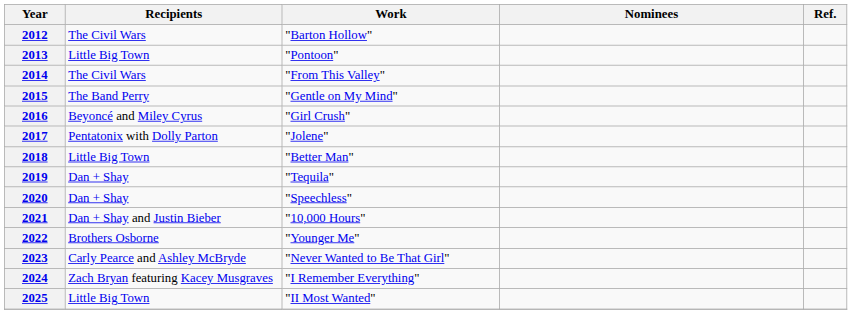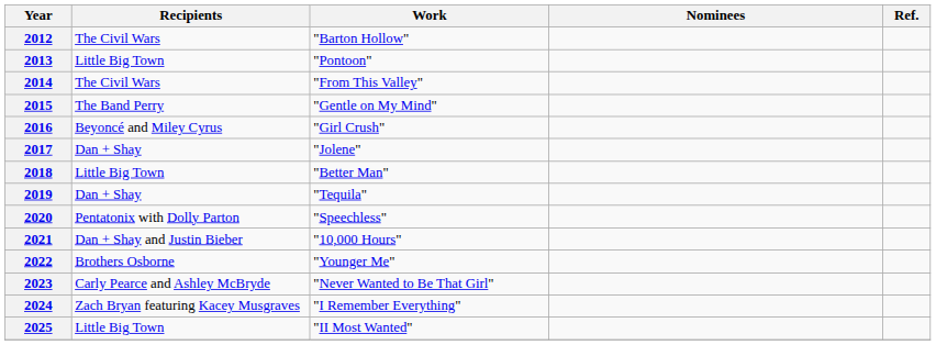 <table class="wikitable">
 <tr>
 <th width="7%">Year</th>
 <th width="25%">Recipients</th>
 <th width="25%">Work</th>
 <th width="35%" class=unsortable>Nominees</th>
 <th width="5%" class=unsortable>Ref.</th>
 </tr>
 <tr>
 <th scope="row"><a href='#'>2012</a></th>
 <td><a href='#'>The Civil Wars</a></td>
 <td>"<a href='#'>Barton Hollow</a>"</td>
 <td></td>
 <td style="text-align:center;"></td>
 </tr>
 <tr>
 <th scope="row"><a href='#'>2013</a></th>
 <td><a href='#'>Little Big Town</a></td>
 <td>"<a href='#'>Pontoon</a>"</td>
 <td></td>
 <td style="text-align:center;"></td>
 </tr>
 <tr>
 <th scope="row"><a href='#'>2014</a></th>
 <td><a href='#'>The Civil Wars</a></td>
 <td>"<a href='#'>From This Valley</a>"</td>
 <td></td>
 <td style="text-align:center;"></td>
 </tr>
 <tr>
 <th scope="row"><a href='#'>2015</a></th>
 <td><a href='#'>The Band Perry</a></td>
 <td>"<a href='#'>Gentle on My Mind</a>"</td>
 <td></td>
 <td style="text-align:center;"></td>
 </tr>
 <tr>
 <th scope="row"><a href='#'>2016</a></th>
 <td><a href='#'>Beyoncé</a> and <a href='#'>Miley Cyrus</a></td>
 <td>"<a href='#'>Girl Crush</a>"</td>
 <td></td>
 <td style="text-align:center;"></td>
 </tr>
 <tr>
 <th scope="row"><a href='#'>2017</a></th>
-<td><a href='#'>Pentatonix</a> with <a href='#'>Dolly Parton</a></td>
+<td><a href='#'>Dan + Shay</a></td>
 <td>"<a href='#'>Jolene</a>"</td>
 <td></td>
 <td style="text-align:center;"></td>
 </tr>
 <tr>
 <th scope="row"><a href='#'>2018</a></th>
 <td><a href='#'>Little Big Town</a></td>
 <td>"<a href='#'>Better Man</a>"</td>
 <td></td>
 <td style="text-align:center;"></td>
 </tr>
 <tr>
 <th scope="row"><a href='#'>2019</a></th>
 <td><a href='#'>Dan + Shay</a></td>
 <td>"<a href='#'>Tequila</a>"</td>
 <td></td>
 <td style="text-align:center;"></td>
 </tr>
 <tr>
 <th scope="row"><a href='#'>2020</a></th>
-<td><a href='#'>Dan + Shay</a></td>
+<td><a href='#'>Pentatonix</a> with <a href='#'>Dolly Parton</a></td>
 <td>"<a href='#'>Speechless</a>"</td>
 <td></td>
 <td style="text-align:center;"></td>
 </tr>
 <tr>
 <th scope="row"><a href='#'>2021</a></th>
 <td><a href='#'>Dan + Shay</a> and <a href='#'>Justin Bieber</a></td>
 <td>"<a href='#'>10,000 Hours</a>"</td>
 <td></td>
 <td style="text-align:center;"></td>
 </tr>
 <tr>
 <th scope="row"><a href='#'>2022</a></th>
 <td><a href='#'>Brothers Osborne</a></td>
 <td>"<a href='#'>Younger Me</a>"</td>
 <td></td>
 <td style="text-align:center;"></td>
 </tr>
 <tr>
 <th scope="row"><a href='#'>2023</a></th>
 <td><a href='#'>Carly Pearce</a> and <a href='#'>Ashley McBryde</a></td>
 <td>"<a href='#'>Never Wanted to Be That Girl</a>"</td>
 <td></td>
 <td style="text-align:center;"></td>
 </tr>
 <tr>
 <th><a href='#'>2024</a></th>
 <td><a href='#'>Zach Bryan</a> featuring <a href='#'>Kacey Musgraves</a></td>
 <td>"<a href='#'>I Remember Everything</a>"</td>
 <td></td>
 <td style="text-align:center;"></td>
 </tr>
 <tr>
 <th><a href='#'>2025</a></th>
 <td><a href='#'>Little Big Town</a></td>
 <td>"<a href='#'>II Most Wanted</a>"</td>
 <td></td>
 <td style="text-align:center;"></td>
 </tr>
 <tr>
 </tr>
 </table>
